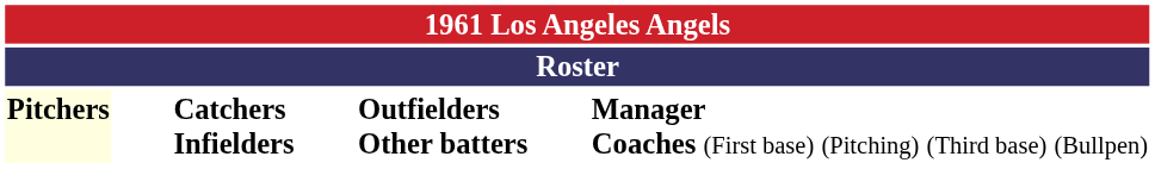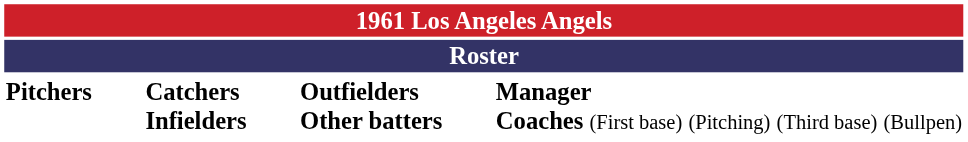 <table class="toccolours" style="font-size: 95%;">
 <tr>
 <th colspan="10" style="background-color: #CE2029; color: white; text-align: center;">1961 Los Angeles Angels</th>
 </tr>
 <tr>
 <td colspan="10" style="background-color: #333366; color: white; text-align: center;"><strong>Roster</strong></td>
 </tr>
 <tr>
-<td valign="top" style="background: lightyellow;"><strong>Pitchers</strong><br>                 </td>
+<td valign="top"><strong>Pitchers</strong><br>                 </td>
 <td width="25px"></td>
 <td valign="top"><strong>Catchers</strong><br>    <strong>Infielders</strong>              </td>
 <td width="25px"></td>
 <td valign="top"><strong>Outfielders</strong><br>         <strong>Other batters</strong> </td>
 <td width="25px"></td>
 <td valign="top"><strong>Manager</strong><br> <strong>Coaches</strong>  <small>(First base)</small>  <small>(Pitching)</small>  <small>(Third base)</small>  <small>(Bullpen)</small></td>
 </tr>
 <tr>
 </tr>
 </table>
